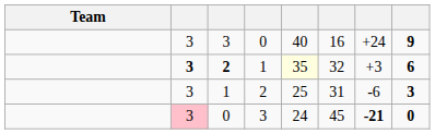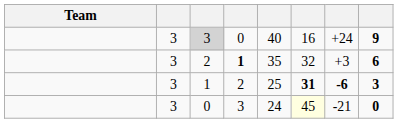 <table class="wikitable" style="text-align:center;font-size:95%">
 <tr>
 <th width=160>Team</th>
 <th width=30></th>
 <th width=30></th>
 <th width=30></th>
 <th width=30></th>
 <th width=30></th>
 <th width=30></th>
 <th width=30></th>
 </tr>
 <tr>
 <td align="left"></td>
 <td>3</td>
-<td>3</td>
+<td style="background: lightgrey;">3</td>
 <td>0</td>
 <td>40</td>
 <td>16</td>
 <td>+24</td>
 <td><strong>9</strong></td>
 </tr>
 <tr>
 <td align="left"></td>
-<td><strong>3</strong></td>
-<td><strong>2</strong></td>
-<td>1</td>
-<td style="background: lightyellow;">35</td>
+<td>3</td>
+<td>2</td>
+<td><strong>1</strong></td>
+<td>35</td>
 <td>32</td>
 <td>+3</td>
 <td><strong>6</strong></td>
 </tr>
 <tr>
 <td align="left"></td>
 <td>3</td>
 <td>1</td>
 <td>2</td>
 <td>25</td>
-<td>31</td>
-<td>-6</td>
+<td><strong>31</strong></td>
+<td><strong>-6</strong></td>
 <td><strong>3</strong></td>
 </tr>
 <tr>
 <td align="left"></td>
-<td style="background: pink;">3</td>
+<td>3</td>
 <td>0</td>
 <td>3</td>
 <td>24</td>
-<td>45</td>
-<td><strong>-21</strong></td>
+<td style="background: lightyellow;">45</td>
+<td>-21</td>
 <td><strong>0</strong></td>
 </tr>
 </table>
